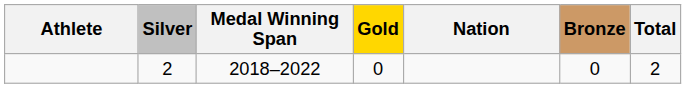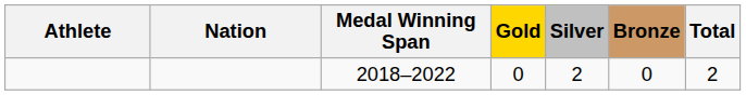 <table class="wikitable sortable" style="text-align:center">
 <tr>
 <th width=110px>Athlete</th>
-<th width=35px style="background-color: silver"><strong>Silver</strong></th>
+<th width=130px>Nation</th>
 <th width=130px>Medal Winning Span</th>
 <th width=35px style="background-color: gold"><strong>Gold</strong></th>
-<th width=130px>Nation</th>
+<th width=35px style="background-color: silver"><strong>Silver</strong></th>
 <th width=35px style="background-color: #cc9966"><strong>Bronze</strong></th>
 <th width=35px>Total</th>
 </tr>
 <tr>
 <td align=left></td>
-<td>2</td>
+<td align=left></td>
 <td>2018–2022</td>
 <td>0</td>
-<td align=left></td>
+<td>2</td>
 <td>0</td>
 <td>2</td>
 </tr>
 </table>
